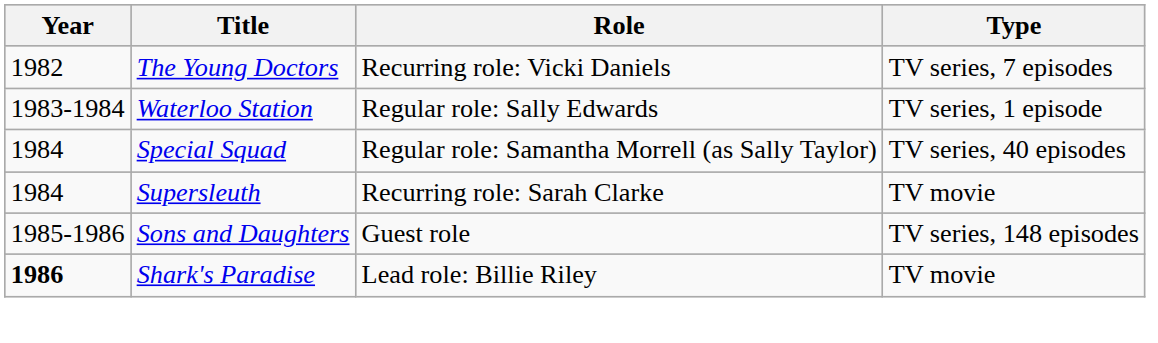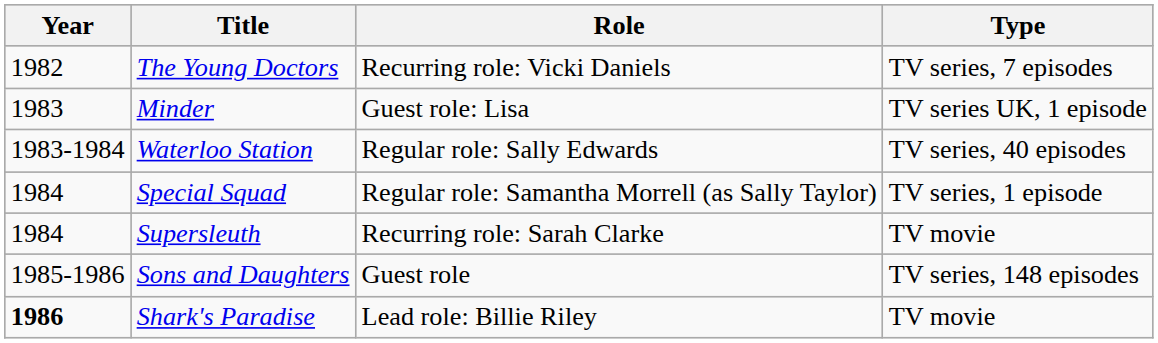 <table class="wikitable">
 <tr>
 <th>Year</th>
 <th>Title</th>
 <th>Role</th>
 <th>Type</th>
 </tr>
 <tr>
 <td>1982</td>
 <td><em><a href='#'>The Young Doctors</a></em></td>
 <td>Recurring role: Vicki Daniels</td>
 <td>TV series, 7 episodes</td>
 </tr>
 <tr>
+<td>1983</td>
+<td><em><a href='#'>Minder</a></em></td>
+<td>Guest role: Lisa</td>
+<td>TV series UK, 1 episode</td>
+</tr>
+<tr>
 <td>1983-1984</td>
 <td><em><a href='#'>Waterloo Station</a></em></td>
 <td>Regular role: Sally Edwards</td>
-<td>TV series, 1 episode</td>
+<td>TV series, 40 episodes</td>
 </tr>
 <tr>
 <td>1984</td>
 <td><em><a href='#'>Special Squad</a></em></td>
 <td>Regular role: Samantha Morrell (as Sally Taylor)</td>
-<td>TV series, 40 episodes</td>
+<td>TV series, 1 episode</td>
 </tr>
 <tr>
 <td>1984</td>
 <td><em><a href='#'>Supersleuth</a></em></td>
 <td>Recurring role: Sarah Clarke</td>
 <td>TV movie</td>
 </tr>
 <tr>
 <td>1985-1986</td>
 <td><em><a href='#'>Sons and Daughters</a></em></td>
 <td>Guest role</td>
 <td>TV series, 148 episodes</td>
 </tr>
 <tr>
 <td><strong>1986</strong></td>
 <td><em><a href='#'>Shark's Paradise</a></em></td>
 <td>Lead role: Billie Riley</td>
 <td>TV movie</td>
 </tr>
 </table>
